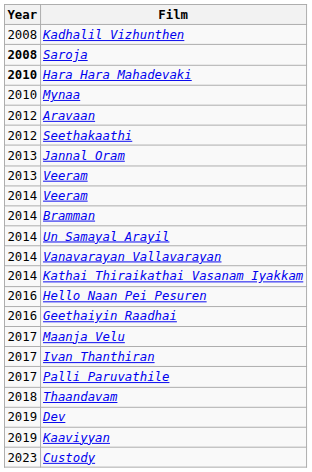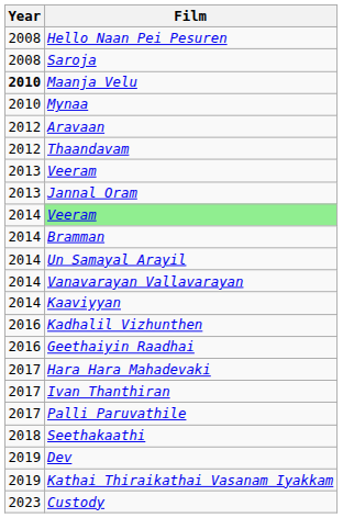 <table class="wikitable sortable">
 <tr>
 <th>Year</th>
 <th>Film</th>
 </tr>
 <tr>
 <td>2008</td>
-<td><em><a href='#'>Kadhalil Vizhunthen</a></em></td>
+<td><em><a href='#'>Hello Naan Pei Pesuren</a></em></td>
 </tr>
 <tr>
-<td><strong>2008</strong></td>
+<td>2008</td>
 <td><em><a href='#'>Saroja</a></em></td>
 </tr>
 <tr>
 <td><strong>2010</strong></td>
-<td><em><a href='#'>Hara Hara Mahadevaki</a></em></td>
+<td><em><a href='#'>Maanja Velu</a></em></td>
 </tr>
 <tr>
 <td>2010</td>
 <td><em><a href='#'>Mynaa</a></em></td>
 </tr>
 <tr>
 <td>2012</td>
 <td><em><a href='#'>Aravaan</a></em></td>
 </tr>
 <tr>
 <td>2012</td>
-<td><em><a href='#'>Seethakaathi</a></em></td>
+<td><em><a href='#'>Thaandavam</a></em></td>
+</tr>
+<tr>
+<td>2013</td>
+<td><em><a href='#'>Veeram</a></em></td>
 </tr>
 <tr>
 <td>2013</td>
 <td><em><a href='#'>Jannal Oram</a></em></td>
 </tr>
 <tr>
-<td>2013</td>
-<td><em><a href='#'>Veeram</a></em></td>
-</tr>
-<tr>
 <td>2014</td>
-<td><em><a href='#'>Veeram</a></em></td>
+<td style="background: lightgreen;"><em><a href='#'>Veeram</a></em></td>
 </tr>
 <tr>
 <td>2014</td>
 <td><em><a href='#'>Bramman</a></em></td>
 </tr>
 <tr>
 <td>2014</td>
 <td><em><a href='#'>Un Samayal Arayil</a></em></td>
 </tr>
 <tr>
 <td>2014</td>
 <td><em><a href='#'>Vanavarayan Vallavarayan</a></em></td>
 </tr>
 <tr>
 <td>2014</td>
-<td><em><a href='#'>Kathai Thiraikathai Vasanam Iyakkam</a></em></td>
+<td><em><a href='#'>Kaaviyyan</a></em></td>
 </tr>
 <tr>
 <td>2016</td>
-<td><em><a href='#'>Hello Naan Pei Pesuren</a></em></td>
+<td><em><a href='#'>Kadhalil Vizhunthen</a></em></td>
 </tr>
 <tr>
 <td>2016</td>
 <td><em><a href='#'>Geethaiyin Raadhai</a></em></td>
 </tr>
 <tr>
 <td>2017</td>
-<td><em><a href='#'>Maanja Velu</a></em></td>
+<td><em><a href='#'>Hara Hara Mahadevaki</a></em></td>
 </tr>
 <tr>
 <td>2017</td>
 <td><em><a href='#'>Ivan Thanthiran</a></em></td>
 </tr>
 <tr>
 <td>2017</td>
 <td><em><a href='#'>Palli Paruvathile</a></em></td>
 </tr>
 <tr>
 <td>2018</td>
-<td><em><a href='#'>Thaandavam</a></em></td>
+<td><em><a href='#'>Seethakaathi</a></em></td>
 </tr>
 <tr>
 <td>2019</td>
 <td><em><a href='#'>Dev</a></em></td>
 </tr>
 <tr>
 <td>2019</td>
-<td><em><a href='#'>Kaaviyyan</a></em></td>
+<td><em><a href='#'>Kathai Thiraikathai Vasanam Iyakkam</a></em></td>
 </tr>
 <tr>
 <td>2023</td>
 <td><em><a href='#'>Custody</a></em></td>
 </tr>
 </table>
